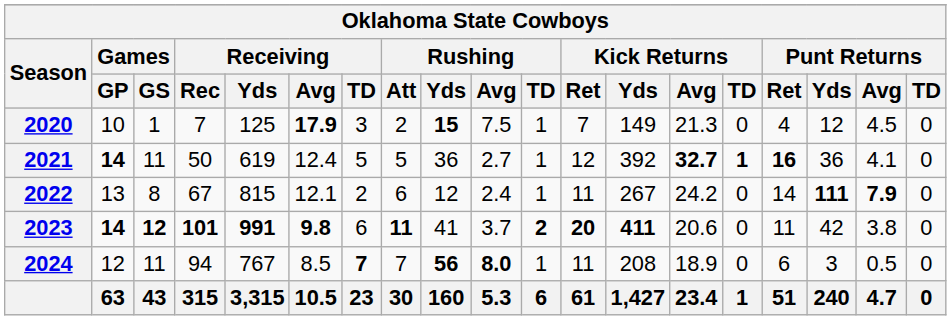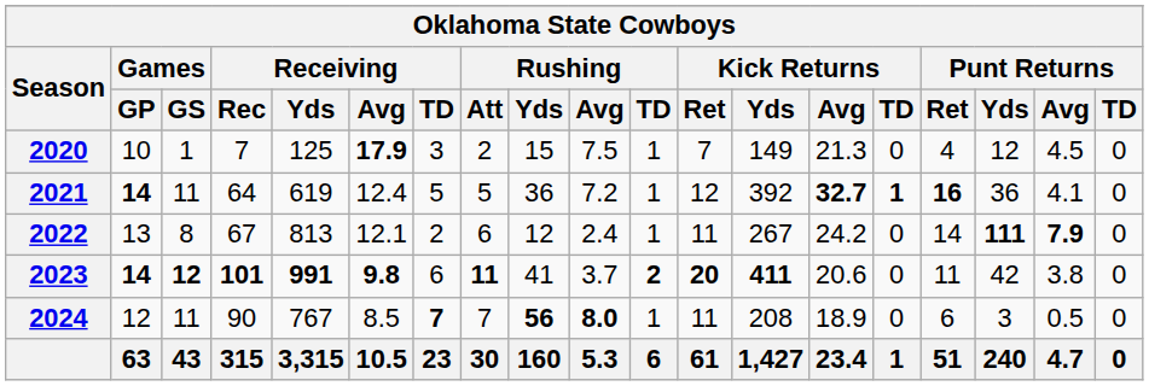 <table class="wikitable" style="text-align:center;">
 <tr College statistics>
 </tr>
 <tr>
 <th colspan="20">Oklahoma State Cowboys</th>
 </tr>
 <tr>
 <th rowspan="2">Season</th>
 <th colspan="2">Games</th>
 <th colspan="4">Receiving</th>
 <th colspan="4">Rushing</th>
 <th colspan="4">Kick Returns</th>
 <th colspan="4">Punt Returns</th>
 </tr>
 <tr>
 <th>GP</th>
 <th>GS</th>
 <th>Rec</th>
 <th>Yds</th>
 <th>Avg</th>
 <th>TD</th>
 <th>Att</th>
 <th>Yds</th>
 <th>Avg</th>
 <th>TD</th>
 <th>Ret</th>
 <th>Yds</th>
 <th>Avg</th>
 <th>TD</th>
 <th>Ret</th>
 <th>Yds</th>
 <th>Avg</th>
 <th>TD</th>
 </tr>
 <tr>
 <th><a href='#'>2020</a></th>
 <td>10</td>
 <td>1</td>
 <td>7</td>
 <td>125</td>
 <td><strong>17.9</strong></td>
 <td>3</td>
 <td>2</td>
-<td><strong>15</strong></td>
+<td>15</td>
 <td>7.5</td>
 <td>1</td>
 <td>7</td>
 <td>149</td>
 <td>21.3</td>
 <td>0</td>
 <td>4</td>
 <td>12</td>
 <td>4.5</td>
 <td>0</td>
 </tr>
 <tr>
 <th><a href='#'>2021</a></th>
 <td><strong>14</strong></td>
 <td>11</td>
-<td>50</td>
+<td>64</td>
 <td>619</td>
 <td>12.4</td>
 <td>5</td>
 <td>5</td>
 <td>36</td>
-<td>2.7</td>
+<td>7.2</td>
 <td>1</td>
 <td>12</td>
 <td>392</td>
 <td><strong>32.7</strong></td>
 <td><strong>1</strong></td>
 <td><strong>16</strong></td>
 <td>36</td>
 <td>4.1</td>
 <td>0</td>
 </tr>
 <tr>
 <th><a href='#'>2022</a></th>
 <td>13</td>
 <td>8</td>
 <td>67</td>
-<td>815</td>
+<td>813</td>
 <td>12.1</td>
 <td>2</td>
 <td>6</td>
 <td>12</td>
 <td>2.4</td>
 <td>1</td>
 <td>11</td>
 <td>267</td>
 <td>24.2</td>
 <td>0</td>
 <td>14</td>
 <td><strong>111</strong></td>
 <td><strong>7.9</strong></td>
 <td>0</td>
 </tr>
 <tr>
 <th><a href='#'>2023</a></th>
 <td><strong>14</strong></td>
 <td><strong>12</strong></td>
 <td><strong>101</strong></td>
 <td><strong>991</strong></td>
 <td><strong>9.8</strong></td>
 <td>6</td>
 <td><strong>11</strong></td>
 <td>41</td>
 <td>3.7</td>
 <td><strong>2</strong></td>
 <td><strong>20</strong></td>
 <td><strong>411</strong></td>
 <td>20.6</td>
 <td>0</td>
 <td>11</td>
 <td>42</td>
 <td>3.8</td>
 <td>0</td>
 </tr>
 <tr>
 <th><a href='#'>2024</a></th>
 <td>12</td>
 <td>11</td>
-<td>94</td>
+<td>90</td>
 <td>767</td>
 <td>8.5</td>
 <td><strong>7</strong></td>
 <td>7</td>
 <td><strong>56</strong></td>
 <td><strong>8.0</strong></td>
 <td>1</td>
 <td>11</td>
 <td>208</td>
 <td>18.9</td>
 <td>0</td>
 <td>6</td>
 <td>3</td>
 <td>0.5</td>
 <td>0</td>
 </tr>
 <tr>
 <th></th>
 <th>63</th>
 <th>43</th>
 <th>315</th>
 <th>3,315</th>
 <th>10.5</th>
 <th>23</th>
 <th>30</th>
 <th>160</th>
 <th>5.3</th>
 <th>6</th>
 <th>61</th>
 <th>1,427</th>
 <th>23.4</th>
 <th>1</th>
 <th>51</th>
 <th>240</th>
 <th>4.7</th>
 <th>0</th>
 </tr>
 </table>
